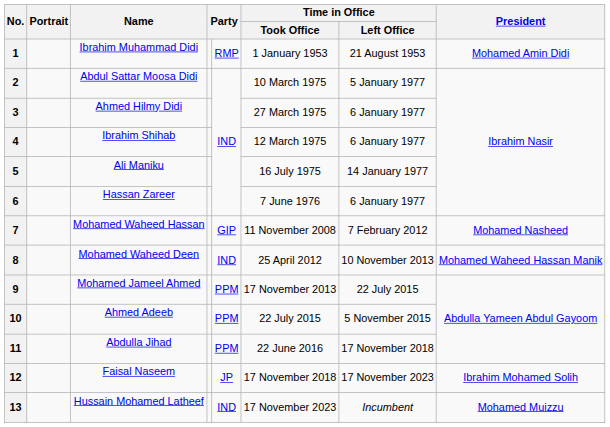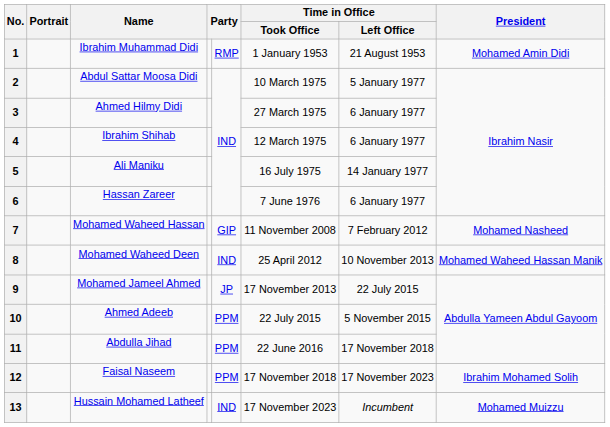 <table class="wikitable sortable sticky-header-multi" style=text-align:center;>
 <tr>
 <th rowspan="2">No.</th>
 <th class=unsortable rowspan="2">Portrait</th>
 <th rowspan="2">Name<br></th>
 <th colspan="2" rowspan="2">Party</th>
 <th class=unsortable colspan="2">Time in Office</th>
 <th class=unsortable rowspan="2"><a href='#'>President</a></th>
 </tr>
 <tr>
 <th class=unsortable>Took Office</th>
 <th class=unsortable>Left Office</th>
 </tr>
 <tr>
 <th scope=row>1</th>
 <td></td>
 <td><a href='#'>Ibrahim Muhammad Didi</a><br><br></td>
 <td style="background-color:"></td>
 <td><a href='#'>RMP</a></td>
 <td>1 January 1953</td>
 <td>21 August 1953</td>
 <td><a href='#'>Mohamed Amin Didi</a></td>
 </tr>
 <tr>
 <th scope=row>2</th>
 <td></td>
 <td><a href='#'>Abdul Sattar Moosa Didi</a><br><br></td>
 <td style="background:"></td>
 <td rowspan="5"><a href='#'>IND</a></td>
 <td>10 March 1975</td>
 <td>5 January 1977</td>
 <td rowspan="5"><a href='#'>Ibrahim Nasir</a></td>
 </tr>
 <tr>
 <th scope=row>3</th>
 <td></td>
 <td><a href='#'>Ahmed Hilmy Didi</a><br><br></td>
 <td style="background:"></td>
 <td>27 March 1975</td>
 <td>6 January 1977</td>
 </tr>
 <tr>
 <th scope=row>4</th>
 <td></td>
 <td><a href='#'>Ibrahim Shihab</a><br><br></td>
 <td style="background:"></td>
 <td>12 March 1975</td>
 <td>6 January 1977</td>
 </tr>
 <tr>
 <th scope=row>5</th>
 <td></td>
 <td><a href='#'>Ali Maniku</a><br><br></td>
 <td style="background:"></td>
 <td>16 July 1975</td>
 <td>14 January 1977</td>
 </tr>
 <tr>
 <th scope=row>6</th>
 <td></td>
 <td><a href='#'>Hassan Zareer</a><br><br></td>
 <td style="background:"></td>
 <td>7 June 1976</td>
 <td>6 January 1977</td>
 </tr>
 <tr>
 <th scope=row>7</th>
 <td></td>
 <td><a href='#'>Mohamed Waheed Hassan</a><br><br></td>
 <td style="background:"></td>
 <td><a href='#'>GIP</a></td>
 <td>11 November 2008</td>
 <td>7 February 2012</td>
 <td><a href='#'>Mohamed Nasheed</a></td>
 </tr>
 <tr>
 <th scope=row>8</th>
 <td></td>
 <td><a href='#'>Mohamed Waheed Deen</a><br><br></td>
 <td style="background:"></td>
 <td><a href='#'>IND</a></td>
 <td>25 April 2012</td>
 <td>10 November 2013</td>
 <td><a href='#'>Mohamed Waheed Hassan Manik</a></td>
 </tr>
 <tr>
 <th scope=row>9</th>
 <td></td>
 <td><a href='#'>Mohamed Jameel Ahmed</a><br><br></td>
 <td style="background:"></td>
-<td><a href='#'>PPM</a></td>
+<td><a href='#'>JP</a></td>
 <td>17 November 2013</td>
 <td>22 July 2015</td>
 <td rowspan="3"><a href='#'>Abdulla Yameen Abdul Gayoom</a></td>
 </tr>
 <tr>
 <th scope=row>10</th>
 <td></td>
 <td><a href='#'>Ahmed Adeeb</a><br><br></td>
 <td style="background:"></td>
 <td><a href='#'>PPM</a></td>
 <td>22 July 2015</td>
 <td>5 November 2015</td>
 </tr>
 <tr>
 <th scope=row>11</th>
 <td></td>
 <td><a href='#'>Abdulla Jihad</a><br><br></td>
 <td style="background:"></td>
 <td><a href='#'>PPM</a></td>
 <td>22 June 2016</td>
 <td>17 November 2018</td>
 </tr>
 <tr>
 <th scope=row>12</th>
 <td></td>
 <td><a href='#'>Faisal Naseem</a><br><br></td>
 <td style="background:"></td>
-<td><a href='#'>JP</a></td>
+<td><a href='#'>PPM</a></td>
 <td>17 November 2018</td>
 <td>17 November 2023</td>
 <td><a href='#'>Ibrahim Mohamed Solih</a></td>
 </tr>
 <tr>
 <th scope=row>13</th>
 <td></td>
 <td><a href='#'>Hussain Mohamed Latheef</a><br><br></td>
 <td style="background:"></td>
 <td><a href='#'>IND</a></td>
 <td>17 November 2023</td>
 <td><em>Incumbent</em></td>
 <td><a href='#'>Mohamed Muizzu</a></td>
 </tr>
 </table>
